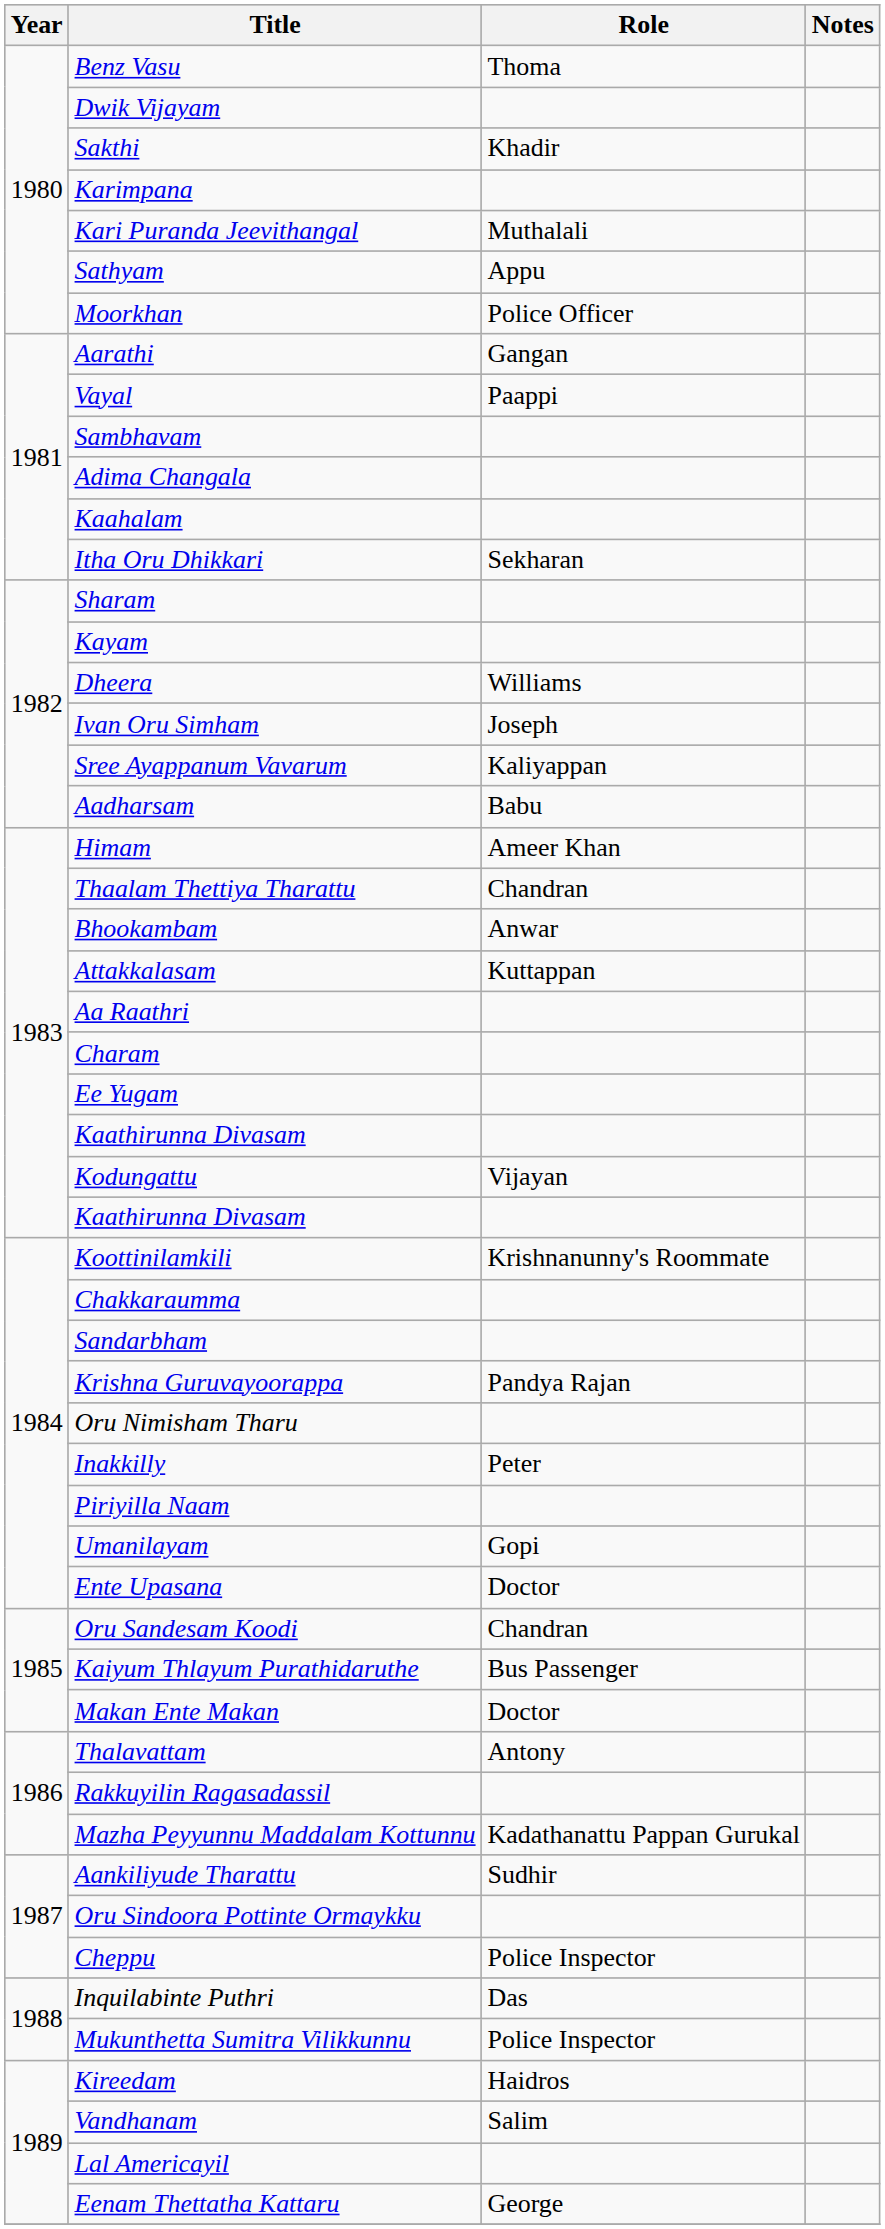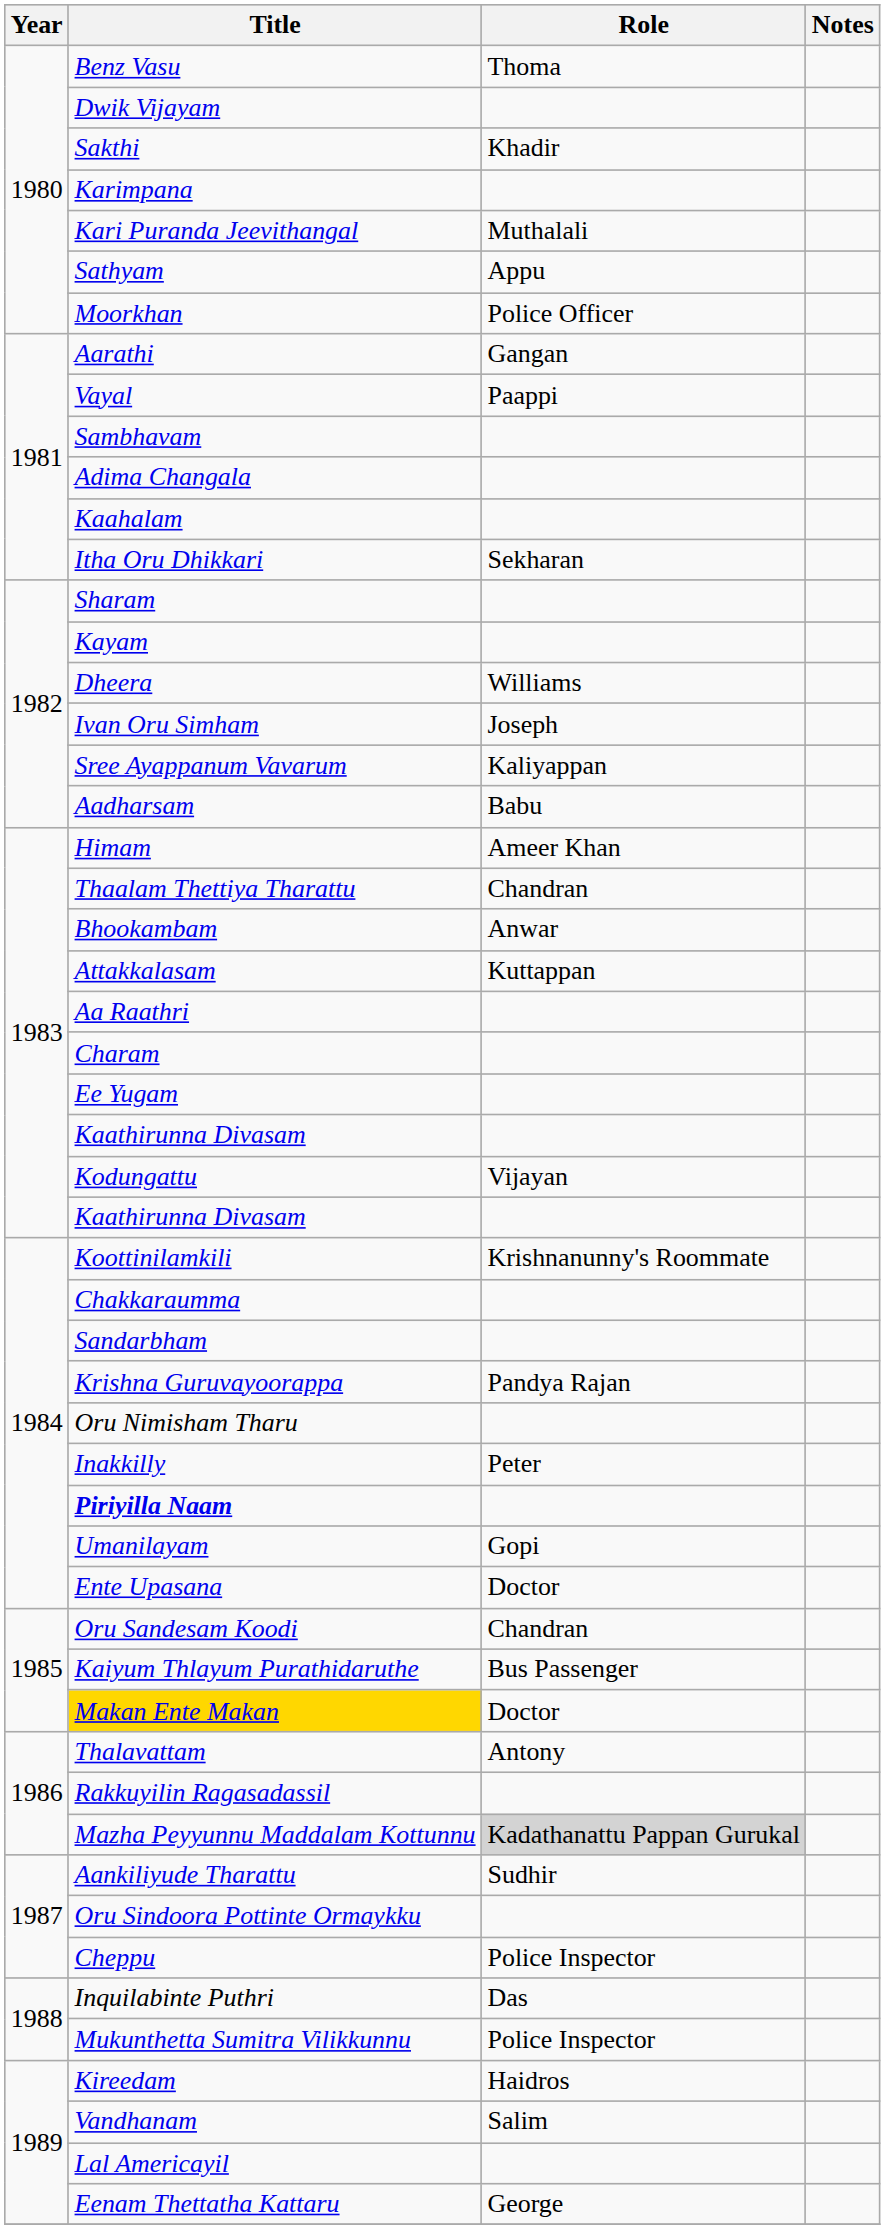 <table class="wikitable sortable">
 <tr>
 <th>Year</th>
 <th>Title</th>
 <th>Role</th>
 <th class="unsortable">Notes</th>
 </tr>
 <tr>
 <td rowspan=7>1980</td>
 <td><em><a href='#'>Benz Vasu</a></em></td>
 <td>Thoma</td>
 <td></td>
 </tr>
 <tr>
 <td><em><a href='#'>Dwik Vijayam</a></em></td>
 <td></td>
 <td></td>
 </tr>
 <tr>
 <td><em><a href='#'>Sakthi</a></em></td>
 <td>Khadir</td>
 <td></td>
 </tr>
 <tr>
 <td><em><a href='#'>Karimpana</a></em></td>
 <td></td>
 <td></td>
 </tr>
 <tr>
 <td><em><a href='#'>Kari Puranda Jeevithangal</a></em></td>
 <td>Muthalali</td>
 <td></td>
 </tr>
 <tr>
 <td><em><a href='#'>Sathyam</a></em></td>
 <td>Appu</td>
 <td></td>
 </tr>
 <tr>
 <td><em><a href='#'>Moorkhan</a></em></td>
 <td>Police Officer</td>
 <td></td>
 </tr>
 <tr>
 <td rowspan="6">1981</td>
 <td><em><a href='#'>Aarathi</a></em></td>
 <td>Gangan</td>
 <td></td>
 </tr>
 <tr>
 <td><em><a href='#'>Vayal</a></em></td>
 <td>Paappi</td>
 <td></td>
 </tr>
 <tr>
 <td><em><a href='#'>Sambhavam</a></em></td>
 <td></td>
 <td></td>
 </tr>
 <tr>
 <td><em><a href='#'>Adima Changala</a></em></td>
 <td></td>
 <td></td>
 </tr>
 <tr>
 <td><em><a href='#'>Kaahalam</a></em></td>
 <td></td>
 <td></td>
 </tr>
 <tr>
 <td><em><a href='#'>Itha Oru Dhikkari</a></em></td>
 <td>Sekharan</td>
 <td></td>
 </tr>
 <tr>
 <td rowspan=6>1982</td>
 <td><em><a href='#'>Sharam</a></em></td>
 <td></td>
 </tr>
 <tr>
 <td><em><a href='#'>Kayam</a></em></td>
 <td></td>
 <td></td>
 </tr>
 <tr>
 <td><em><a href='#'>Dheera</a></em></td>
 <td>Williams</td>
 <td></td>
 </tr>
 <tr>
 <td><em><a href='#'>Ivan Oru Simham</a></em></td>
 <td>Joseph</td>
 <td></td>
 </tr>
 <tr>
 <td><em><a href='#'>Sree Ayappanum Vavarum</a></em></td>
 <td>Kaliyappan</td>
 <td></td>
 </tr>
 <tr>
 <td><em><a href='#'>Aadharsam</a></em></td>
 <td>Babu</td>
 <td></td>
 </tr>
 <tr>
 <td rowspan=10>1983</td>
 <td><em><a href='#'>Himam</a></em></td>
 <td>Ameer Khan</td>
 <td></td>
 </tr>
 <tr>
 <td><em><a href='#'>Thaalam Thettiya Tharattu</a></em></td>
 <td>Chandran</td>
 <td></td>
 </tr>
 <tr>
 <td><em><a href='#'>Bhookambam</a></em></td>
 <td>Anwar</td>
 <td></td>
 </tr>
 <tr>
 <td><em><a href='#'>Attakkalasam</a></em></td>
 <td>Kuttappan</td>
 <td></td>
 </tr>
 <tr>
 <td><em><a href='#'>Aa Raathri</a></em></td>
 <td></td>
 <td></td>
 </tr>
 <tr>
 <td><em><a href='#'>Charam</a></em></td>
 <td></td>
 <td></td>
 </tr>
 <tr>
 <td><em><a href='#'>Ee Yugam</a></em></td>
 <td></td>
 <td></td>
 </tr>
 <tr>
 <td><em><a href='#'>Kaathirunna Divasam</a></em></td>
 <td></td>
 <td></td>
 </tr>
 <tr>
 <td><em><a href='#'>Kodungattu</a></em></td>
 <td>Vijayan</td>
 <td></td>
 </tr>
 <tr>
 <td><em><a href='#'>Kaathirunna Divasam</a></em></td>
 <td></td>
 <td></td>
 </tr>
 <tr>
 <td rowspan=9>1984</td>
 <td><em><a href='#'>Koottinilamkili</a></em></td>
 <td>Krishnanunny's Roommate</td>
 <td></td>
 </tr>
 <tr>
 <td><em><a href='#'>Chakkaraumma</a></em></td>
 <td></td>
 <td></td>
 </tr>
 <tr>
 <td><em><a href='#'>Sandarbham</a></em></td>
 <td></td>
 <td></td>
 </tr>
 <tr>
 <td><em><a href='#'>Krishna Guruvayoorappa</a></em></td>
 <td>Pandya Rajan</td>
 <td></td>
 </tr>
 <tr>
 <td><em>Oru Nimisham Tharu</em></td>
 <td></td>
 <td></td>
 </tr>
 <tr>
 <td><em><a href='#'>Inakkilly</a></em></td>
 <td>Peter</td>
 <td></td>
 </tr>
 <tr>
-<td><em><a href='#'>Piriyilla Naam</a></em></td>
+<td><strong><em><a href='#'>Piriyilla Naam</a></em></strong></td>
 <td></td>
 <td></td>
 </tr>
 <tr>
 <td><em><a href='#'>Umanilayam</a></em></td>
 <td>Gopi</td>
 <td></td>
 </tr>
 <tr>
 <td><em><a href='#'>Ente Upasana</a></em></td>
 <td>Doctor</td>
 <td></td>
 </tr>
 <tr>
 <td rowspan=3>1985</td>
 <td><em><a href='#'>Oru Sandesam Koodi</a></em></td>
 <td>Chandran</td>
 <td></td>
 </tr>
 <tr>
 <td><em><a href='#'>Kaiyum Thlayum Purathidaruthe</a></em></td>
 <td>Bus Passenger</td>
 <td></td>
 </tr>
 <tr>
-<td><em><a href='#'>Makan Ente Makan</a></em></td>
+<td style="background: gold;"><em><a href='#'>Makan Ente Makan</a></em></td>
 <td>Doctor</td>
 <td></td>
 </tr>
 <tr>
 <td rowspan=3>1986</td>
 <td><em><a href='#'>Thalavattam</a></em></td>
 <td>Antony</td>
 <td></td>
 </tr>
 <tr>
 <td><em><a href='#'>Rakkuyilin Ragasadassil</a></em></td>
 <td></td>
 <td></td>
 </tr>
 <tr>
 <td><em><a href='#'>Mazha Peyyunnu Maddalam Kottunnu</a></em></td>
-<td>Kadathanattu Pappan Gurukal</td>
+<td style="background: lightgrey;">Kadathanattu Pappan Gurukal</td>
 <td></td>
 </tr>
 <tr>
 <td rowspan=3>1987</td>
 <td><em><a href='#'>Aankiliyude Tharattu</a></em></td>
 <td>Sudhir</td>
 <td></td>
 </tr>
 <tr>
 <td><em><a href='#'>Oru Sindoora Pottinte Ormaykku</a></em></td>
 <td></td>
 <td></td>
 </tr>
 <tr>
 <td><em><a href='#'>Cheppu</a></em></td>
 <td>Police Inspector</td>
 <td></td>
 </tr>
 <tr>
 <td rowspan=2>1988</td>
 <td><em>Inquilabinte Puthri</em></td>
 <td>Das</td>
 <td></td>
 </tr>
 <tr>
 <td><em><a href='#'>Mukunthetta Sumitra Vilikkunnu</a></em></td>
 <td>Police Inspector</td>
 <td></td>
 </tr>
 <tr>
 <td rowspan=4>1989</td>
 <td><em><a href='#'>Kireedam</a></em></td>
 <td>Haidros</td>
 <td></td>
 </tr>
 <tr>
 <td><em><a href='#'>Vandhanam</a></em></td>
 <td>Salim</td>
 <td></td>
 </tr>
 <tr>
 <td><em><a href='#'>Lal Americayil</a></em></td>
 <td></td>
 <td></td>
 </tr>
 <tr>
 <td><em><a href='#'>Eenam Thettatha Kattaru</a></em></td>
 <td>George</td>
 <td></td>
 </tr>
 <tr>
 </tr>
 </table>
